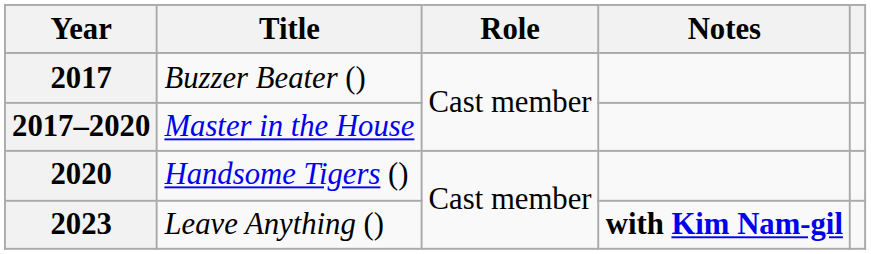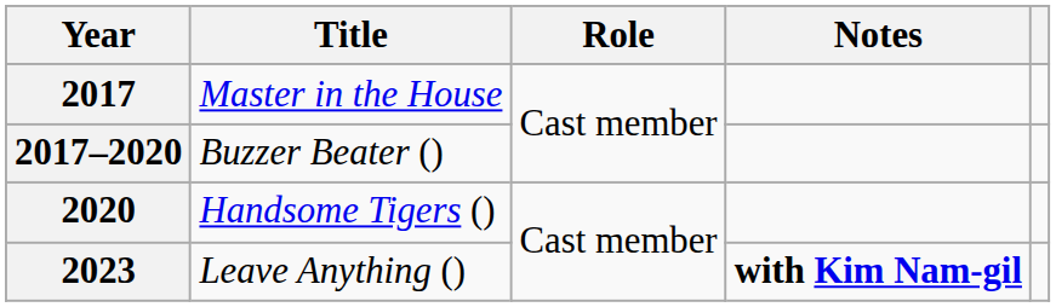 <table class="wikitable plainrowheaders sortable">
 <tr>
 <th scope="col">Year</th>
 <th scope="col">Title</th>
 <th scope="col">Role</th>
 <th scope="col">Notes</th>
 <th scope="col" class="unsortable"></th>
 </tr>
 <tr>
 <th scope="row">2017</th>
-<td><em>Buzzer Beater</em> ()</td>
+<td><em><a href='#'>Master in the House</a></em></td>
 <td rowspan="2">Cast member</td>
 <td></td>
 <td style="text-align:center"></td>
 </tr>
 <tr>
 <th scope="row">2017–2020</th>
-<td><em><a href='#'>Master in the House</a></em></td>
+<td><em>Buzzer Beater</em> ()</td>
 <td></td>
 <td style="text-align:center"></td>
 </tr>
 <tr>
 <th scope="row">2020</th>
 <td><em><a href='#'>Handsome Tigers</a></em> ()</td>
 <td rowspan="2">Cast member</td>
 <td></td>
 <td style="text-align:center"></td>
 </tr>
 <tr>
 <th scope="row">2023</th>
 <td><em>Leave Anything</em> ()</td>
 <td><strong>with <a href='#'>Kim Nam-gil</a></strong></td>
 <td style="text-align:center"></td>
 </tr>
 </table>
